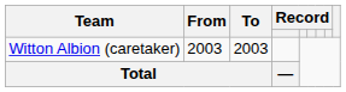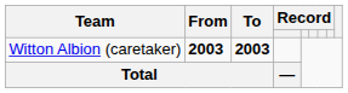 <table class=wikitable style="text-align: center">
 <tr>
 <th rowspan=2>Team</th>
 <th rowspan=2>From</th>
 <th rowspan=2>To</th>
 <th colspan=5>Record</th>
 <th rowspan=2></th>
 </tr>
 <tr>
 <th></th>
 <th></th>
 <th></th>
 <th></th>
 <th></th>
 </tr>
 <tr>
 <td align=left><a href='#'>Witton Albion</a> (caretaker)</td>
-<td align=left>2003</td>
-<td align=left>2003<br></td>
+<td align=left><strong>2003</strong></td>
+<td align=left><strong>2003<br></strong></td>
 <td></td>
 </tr>
 <tr>
 <th colspan=3>Total<br></th>
 <th>—</th>
 </tr>
 </table>
